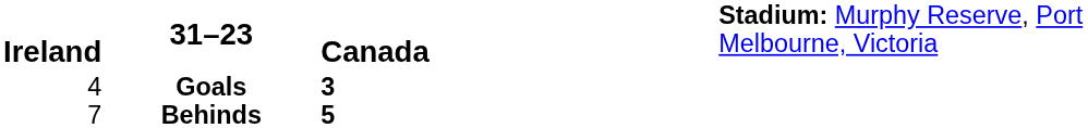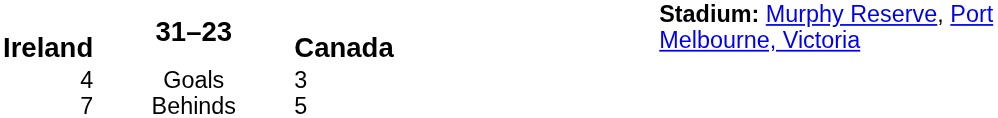 <table style="width: 100%; background: transparent;" cellspacing="0">
 <tr>
 <td align=center valign=top rowspan=3 width=15%></td>
 </tr>
 <tr>
 <td width=24% align=right><br><strong>Ireland</strong></td>
 <td align=center width=13%><strong>31–23</strong></td>
 <td width=24%><br><strong>Canada</strong></td>
 <td style=font-size:85% rowspan=2 valign=top><strong>Stadium:</strong> <a href='#'>Murphy Reserve</a>, <a href='#'>Port Melbourne, Victoria</a></td>
 </tr>
 <tr style=font-size:85%>
 <td align=right valign=top>4<br> 7</td>
-<td align=center valign=top><strong>Goals <br>Behinds</strong></td>
-<td valign=top><strong>3<br> 5</strong></td>
+<td align=center valign=top>Goals <br>Behinds</td>
+<td valign=top>3<br> 5</td>
 </tr>
 </table>
